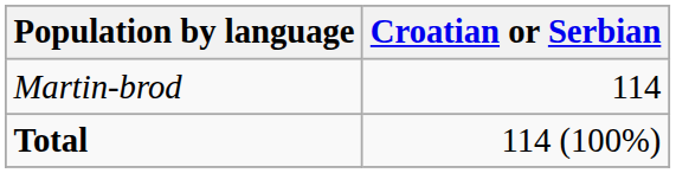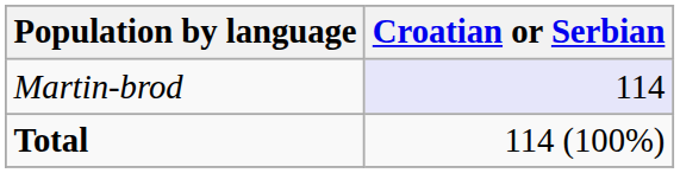 <table class="wikitable sortable">
 <tr>
 <th>Population by language</th>
 <th><a href='#'>Croatian</a> or <a href='#'>Serbian</a></th>
 </tr>
 <tr>
 <td><em>Martin-brod</em></td>
-<td align="right">114</td>
+<td align="right" style="background: lavender;">114</td>
 </tr>
 <tr>
 <td><strong>Total</strong></td>
 <td align="right">114 (100%)</td>
 </tr>
 </table>
